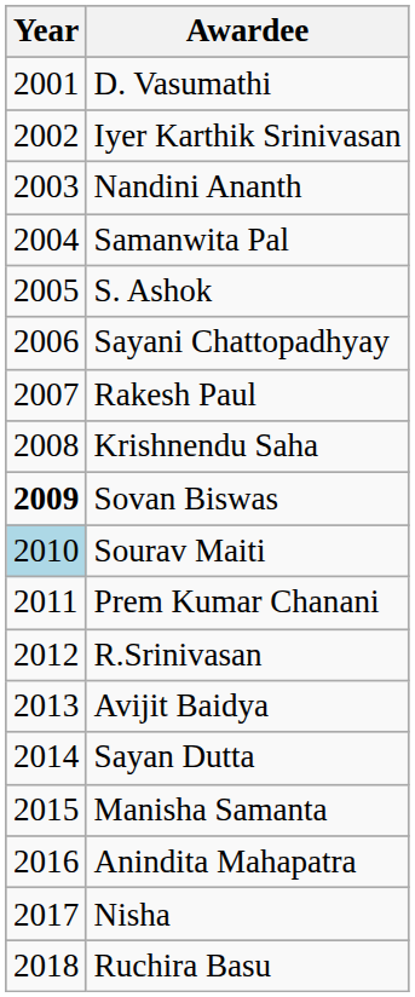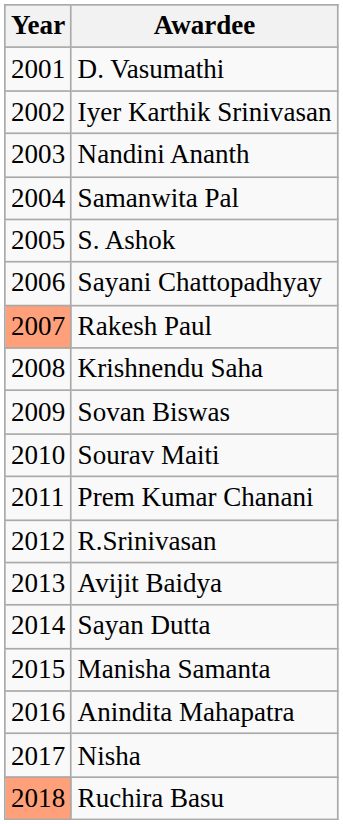 <table class="wikitable">
 <tr>
 <th>Year</th>
 <th>Awardee</th>
 </tr>
 <tr>
 <td>2001</td>
 <td>D. Vasumathi</td>
 </tr>
 <tr>
 <td>2002</td>
 <td>Iyer Karthik Srinivasan</td>
 </tr>
 <tr>
 <td>2003</td>
 <td>Nandini Ananth</td>
 </tr>
 <tr>
 <td>2004</td>
 <td>Samanwita Pal</td>
 </tr>
 <tr>
 <td>2005</td>
 <td>S. Ashok</td>
 </tr>
 <tr>
 <td>2006</td>
 <td>Sayani Chattopadhyay</td>
 </tr>
 <tr>
-<td>2007</td>
+<td style="background: lightsalmon;">2007</td>
 <td>Rakesh Paul</td>
 </tr>
 <tr>
 <td>2008</td>
 <td>Krishnendu Saha</td>
 </tr>
 <tr>
-<td><strong>2009</strong></td>
+<td>2009</td>
 <td>Sovan Biswas</td>
 </tr>
 <tr>
-<td style="background: lightblue;">2010</td>
+<td>2010</td>
 <td>Sourav Maiti</td>
 </tr>
 <tr>
 <td>2011</td>
 <td>Prem Kumar Chanani</td>
 </tr>
 <tr>
 <td>2012</td>
 <td>R.Srinivasan</td>
 </tr>
 <tr>
 <td>2013</td>
 <td>Avijit Baidya</td>
 </tr>
 <tr>
 <td>2014</td>
 <td>Sayan Dutta</td>
 </tr>
 <tr>
 <td>2015</td>
 <td>Manisha Samanta</td>
 </tr>
 <tr>
 <td>2016</td>
 <td>Anindita Mahapatra</td>
 </tr>
 <tr>
 <td>2017</td>
 <td>Nisha</td>
 </tr>
 <tr>
-<td>2018</td>
+<td style="background: lightsalmon;">2018</td>
 <td>Ruchira Basu</td>
 </tr>
 </table>
